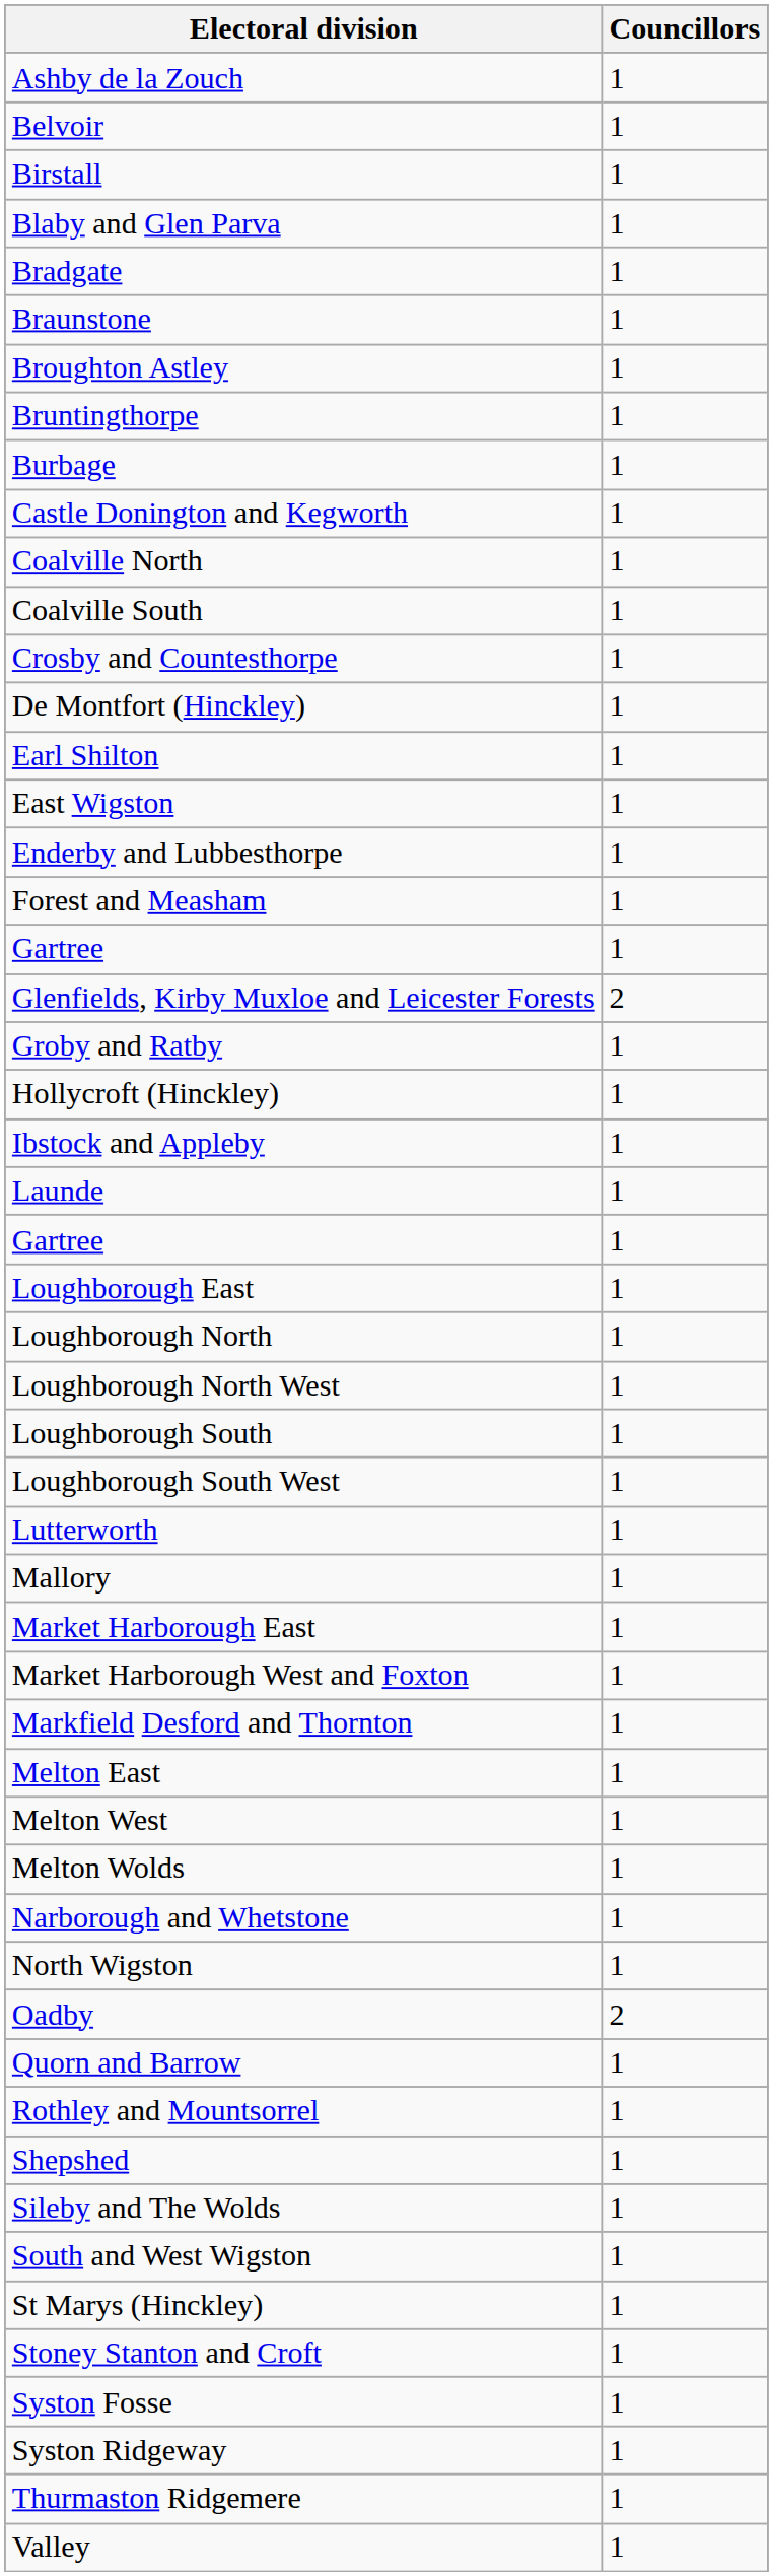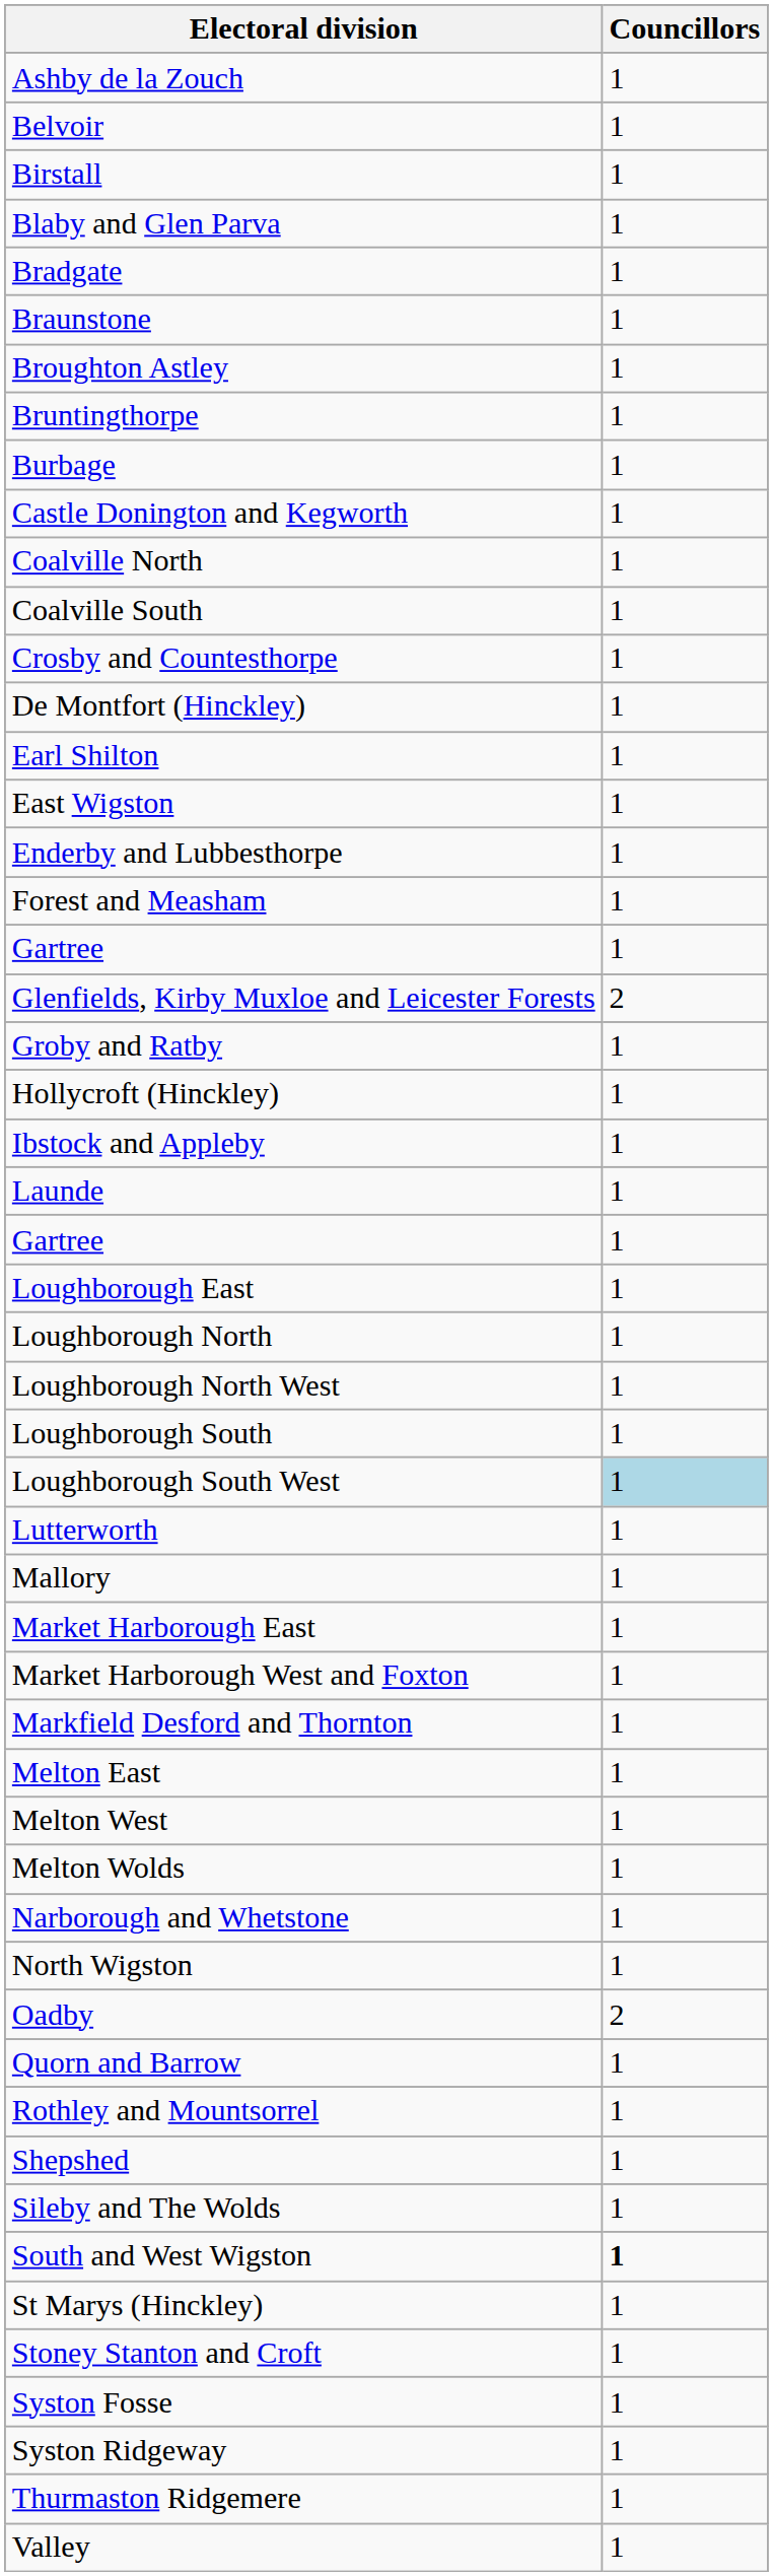 <table class="wikitable">
 <tr>
 <th>Electoral division</th>
 <th>Councillors</th>
 </tr>
 <tr>
 <td><a href='#'>Ashby de la Zouch</a></td>
 <td>1</td>
 </tr>
 <tr>
 <td><a href='#'>Belvoir</a></td>
 <td>1</td>
 </tr>
 <tr>
 <td><a href='#'>Birstall</a></td>
 <td>1</td>
 </tr>
 <tr>
 <td><a href='#'>Blaby</a> and <a href='#'>Glen Parva</a></td>
 <td>1</td>
 </tr>
 <tr>
 <td><a href='#'>Bradgate</a></td>
 <td>1</td>
 </tr>
 <tr>
 <td><a href='#'>Braunstone</a></td>
 <td>1</td>
 </tr>
 <tr>
 <td><a href='#'>Broughton Astley</a></td>
 <td>1</td>
 </tr>
 <tr>
 <td><a href='#'>Bruntingthorpe</a></td>
 <td>1</td>
 </tr>
 <tr>
 <td><a href='#'>Burbage</a></td>
 <td>1</td>
 </tr>
 <tr>
 <td><a href='#'>Castle Donington</a> and <a href='#'>Kegworth</a></td>
 <td>1</td>
 </tr>
 <tr>
 <td><a href='#'>Coalville</a> North</td>
 <td>1</td>
 </tr>
 <tr>
 <td>Coalville South</td>
 <td>1</td>
 </tr>
 <tr>
 <td><a href='#'>Crosby</a> and <a href='#'>Countesthorpe</a></td>
 <td>1</td>
 </tr>
 <tr>
 <td>De Montfort (<a href='#'>Hinckley</a>)</td>
 <td>1</td>
 </tr>
 <tr>
 <td><a href='#'>Earl Shilton</a></td>
 <td>1</td>
 </tr>
 <tr>
 <td>East <a href='#'>Wigston</a></td>
 <td>1</td>
 </tr>
 <tr>
 <td><a href='#'>Enderby</a> and Lubbesthorpe</td>
 <td>1</td>
 </tr>
 <tr>
 <td>Forest and <a href='#'>Measham</a></td>
 <td>1</td>
 </tr>
 <tr>
 <td><a href='#'>Gartree</a></td>
 <td>1</td>
 </tr>
 <tr>
 <td><a href='#'>Glenfields</a>, <a href='#'>Kirby Muxloe</a> and <a href='#'>Leicester Forests</a></td>
 <td>2</td>
 </tr>
 <tr>
 <td><a href='#'>Groby</a> and <a href='#'>Ratby</a></td>
 <td>1</td>
 </tr>
 <tr>
 <td>Hollycroft (Hinckley)</td>
 <td>1</td>
 </tr>
 <tr>
 <td><a href='#'>Ibstock</a> and <a href='#'>Appleby</a></td>
 <td>1</td>
 </tr>
 <tr>
 <td><a href='#'>Launde</a></td>
 <td>1</td>
 </tr>
 <tr>
 <td><a href='#'>Gartree</a></td>
 <td>1</td>
 </tr>
 <tr>
 <td><a href='#'>Loughborough</a> East</td>
 <td>1</td>
 </tr>
 <tr>
 <td>Loughborough North</td>
 <td>1</td>
 </tr>
 <tr>
 <td>Loughborough North West</td>
 <td>1</td>
 </tr>
 <tr>
 <td>Loughborough South</td>
 <td>1</td>
 </tr>
 <tr>
 <td>Loughborough South West</td>
-<td>1</td>
+<td style="background: lightblue;">1</td>
 </tr>
 <tr>
 <td><a href='#'>Lutterworth</a></td>
 <td>1</td>
 </tr>
 <tr>
 <td>Mallory</td>
 <td>1</td>
 </tr>
 <tr>
 <td><a href='#'>Market Harborough</a> East</td>
 <td>1</td>
 </tr>
 <tr>
 <td>Market Harborough West and <a href='#'>Foxton</a></td>
 <td>1</td>
 </tr>
 <tr>
 <td><a href='#'>Markfield</a> <a href='#'>Desford</a> and <a href='#'>Thornton</a></td>
 <td>1</td>
 </tr>
 <tr>
 <td><a href='#'>Melton</a> East</td>
 <td>1</td>
 </tr>
 <tr>
 <td>Melton West</td>
 <td>1</td>
 </tr>
 <tr>
 <td>Melton Wolds</td>
 <td>1</td>
 </tr>
 <tr>
 <td><a href='#'>Narborough</a> and <a href='#'>Whetstone</a></td>
 <td>1</td>
 </tr>
 <tr>
 <td>North Wigston</td>
 <td>1</td>
 </tr>
 <tr>
 <td><a href='#'>Oadby</a></td>
 <td>2</td>
 </tr>
 <tr>
 <td><a href='#'>Quorn and Barrow</a></td>
 <td>1</td>
 </tr>
 <tr>
 <td><a href='#'>Rothley</a> and <a href='#'>Mountsorrel</a></td>
 <td>1</td>
 </tr>
 <tr>
 <td><a href='#'>Shepshed</a></td>
 <td>1</td>
 </tr>
 <tr>
 <td><a href='#'>Sileby</a> and The Wolds</td>
 <td>1</td>
 </tr>
 <tr>
 <td><a href='#'>South</a> and West Wigston</td>
-<td>1</td>
+<td><strong>1</strong></td>
 </tr>
 <tr>
 <td>St Marys (Hinckley)</td>
 <td>1</td>
 </tr>
 <tr>
 <td><a href='#'>Stoney Stanton</a> and <a href='#'>Croft</a></td>
 <td>1</td>
 </tr>
 <tr>
 <td><a href='#'>Syston</a> Fosse</td>
 <td>1</td>
 </tr>
 <tr>
 <td>Syston Ridgeway</td>
 <td>1</td>
 </tr>
 <tr>
 <td><a href='#'>Thurmaston</a> Ridgemere</td>
 <td>1</td>
 </tr>
 <tr>
 <td>Valley</td>
 <td>1</td>
 </tr>
 </table>
